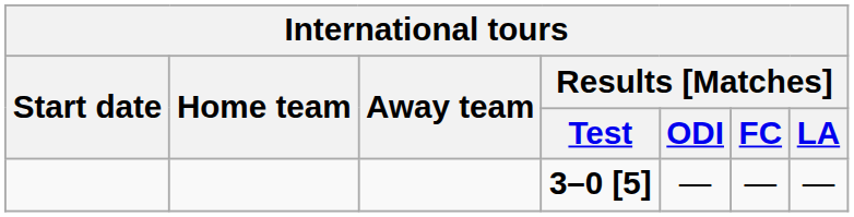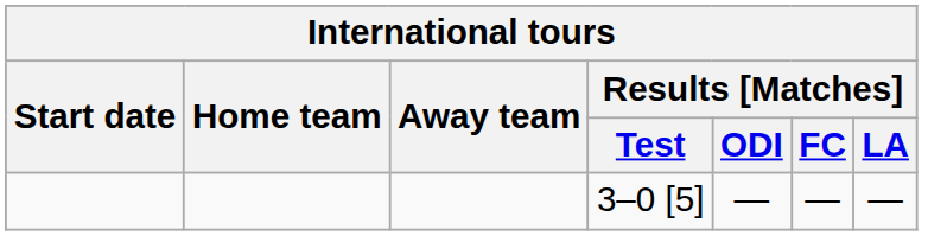 <table class="wikitable">
 <tr>
 <th colspan="7">International tours</th>
 </tr>
 <tr>
 <th rowspan="2">Start date</th>
 <th rowspan="2">Home team</th>
 <th rowspan="2">Away team</th>
 <th colspan="4">Results [Matches]</th>
 </tr>
 <tr>
 <th><a href='#'>Test</a></th>
 <th><a href='#'>ODI</a></th>
 <th><a href='#'>FC</a></th>
 <th><a href='#'>LA</a></th>
 </tr>
 <tr>
 <td><a href='#'></a></td>
 <td></td>
 <td></td>
-<td><strong>3–0 [5]</strong></td>
+<td>3–0 [5]</td>
 <td ; style="text-align:center">—</td>
 <td ; style="text-align:center">—</td>
 <td ; style="text-align:center">—</td>
 </tr>
 </table>
